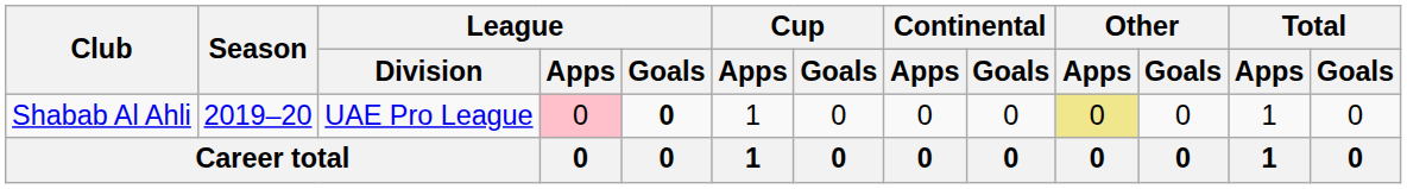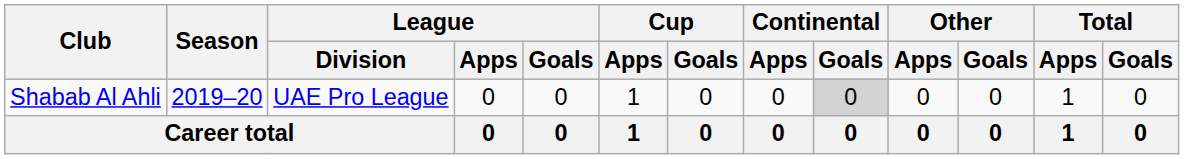 <table class="wikitable" style="text-align: center">
 <tr>
 <th rowspan="2">Club</th>
 <th rowspan="2">Season</th>
 <th colspan="3">League</th>
 <th colspan="2">Cup</th>
 <th colspan="2">Continental</th>
 <th colspan="2">Other</th>
 <th colspan="2">Total</th>
 </tr>
 <tr>
 <th>Division</th>
 <th>Apps</th>
 <th>Goals</th>
 <th>Apps</th>
 <th>Goals</th>
 <th>Apps</th>
 <th>Goals</th>
 <th>Apps</th>
 <th>Goals</th>
 <th>Apps</th>
 <th>Goals</th>
 </tr>
 <tr>
 <td><a href='#'>Shabab Al Ahli</a></td>
 <td><a href='#'>2019–20</a></td>
 <td><a href='#'>UAE Pro League</a></td>
-<td style="background: pink;">0</td>
-<td><strong>0</strong></td>
+<td>0</td>
+<td>0</td>
 <td>1</td>
 <td>0</td>
 <td>0</td>
+<td style="background: lightgrey;">0</td>
 <td>0</td>
-<td style="background: khaki;">0</td>
 <td>0</td>
 <td>1</td>
 <td>0</td>
 </tr>
 <tr>
 <th colspan="3"><strong>Career total</strong></th>
 <th>0</th>
 <th>0</th>
 <th>1</th>
 <th>0</th>
 <th>0</th>
 <th>0</th>
 <th>0</th>
 <th>0</th>
 <th>1</th>
 <th>0</th>
 </tr>
 </table>
